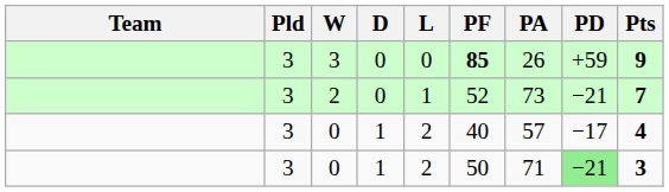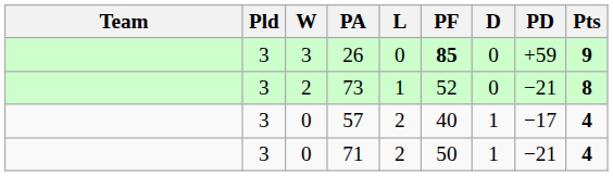 <table class="wikitable" style="text-align:center;">
 <tr>
 <th width=175>Team</th>
 <th width=25 abbr="Played">Pld</th>
 <th width=25 abbr="Won">W</th>
-<th width=25 abbr="Drawn">D</th>
+<th width=32 abbr="Points against">PA</th>
 <th width=25 abbr="Lost">L</th>
 <th width=32 abbr="Points for">PF</th>
-<th width=32 abbr="Points against">PA</th>
+<th width=25 abbr="Drawn">D</th>
 <th width=32 abbr="Points difference">PD</th>
 <th width=25 abbr="Points">Pts</th>
 </tr>
 <tr bgcolor=ccffcc>
 <td align=left></td>
 <td>3</td>
 <td>3</td>
-<td>0</td>
+<td>26</td>
 <td>0</td>
 <td><strong>85</strong></td>
-<td>26</td>
+<td>0</td>
 <td>+59</td>
 <td><strong>9</strong></td>
 </tr>
 <tr bgcolor=ccffcc>
 <td align=left></td>
 <td>3</td>
 <td>2</td>
-<td>0</td>
+<td>73</td>
 <td>1</td>
 <td>52</td>
-<td>73</td>
+<td>0</td>
 <td>−21</td>
-<td><strong>7</strong></td>
+<td><strong>8</strong></td>
 </tr>
 <tr>
 <td align=left></td>
 <td>3</td>
 <td>0</td>
-<td>1</td>
+<td>57</td>
 <td>2</td>
 <td>40</td>
-<td>57</td>
+<td>1</td>
 <td>−17</td>
 <td><strong>4</strong></td>
 </tr>
 <tr>
 <td align=left></td>
 <td>3</td>
 <td>0</td>
-<td>1</td>
+<td>71</td>
 <td>2</td>
 <td>50</td>
-<td>71</td>
-<td style="background: lightgreen;">−21</td>
-<td><strong>3</strong></td>
+<td>1</td>
+<td>−21</td>
+<td><strong>4</strong></td>
 </tr>
 </table>
